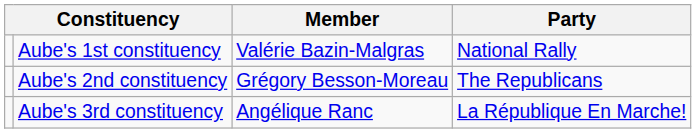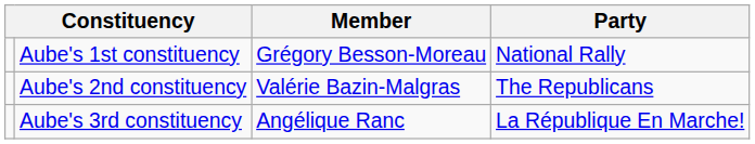 <table class="wikitable">
 <tr>
 <th colspan="2">Constituency</th>
 <th>Member</th>
 <th>Party</th>
 </tr>
 <tr>
 <td style="background-color: "></td>
 <td><a href='#'>Aube's 1st constituency</a></td>
-<td><a href='#'>Valérie Bazin-Malgras</a></td>
+<td><a href='#'>Grégory Besson-Moreau</a></td>
 <td><a href='#'>National Rally</a></td>
 </tr>
 <tr>
 <td style="background-color: "></td>
 <td><a href='#'>Aube's 2nd constituency</a></td>
-<td><a href='#'>Grégory Besson-Moreau</a></td>
+<td><a href='#'>Valérie Bazin-Malgras</a></td>
 <td><a href='#'>The Republicans</a></td>
 </tr>
 <tr>
 <td style="background-color: "></td>
 <td><a href='#'>Aube's 3rd constituency</a></td>
 <td><a href='#'>Angélique Ranc</a></td>
 <td><a href='#'>La République En Marche!</a></td>
 </tr>
 </table>
